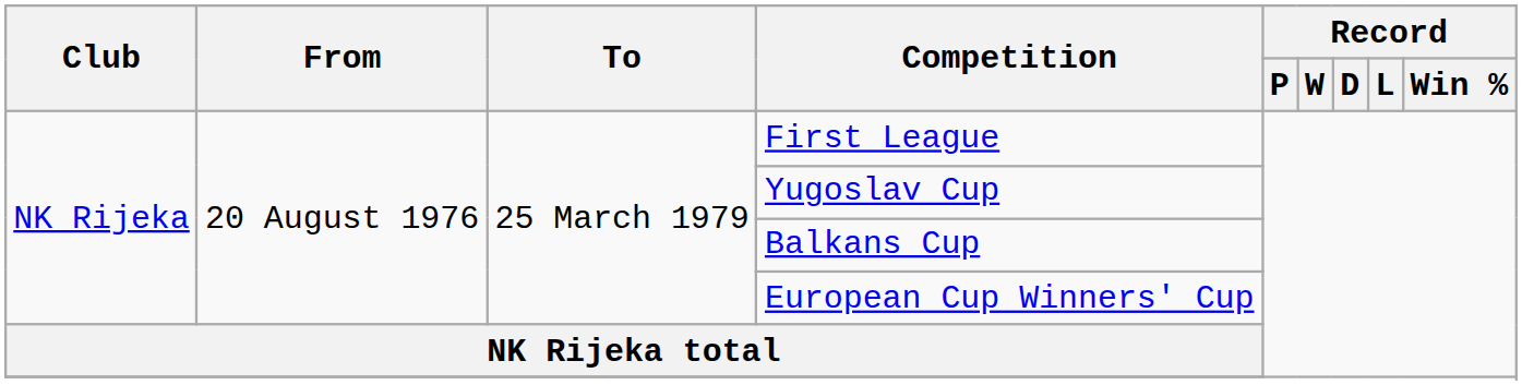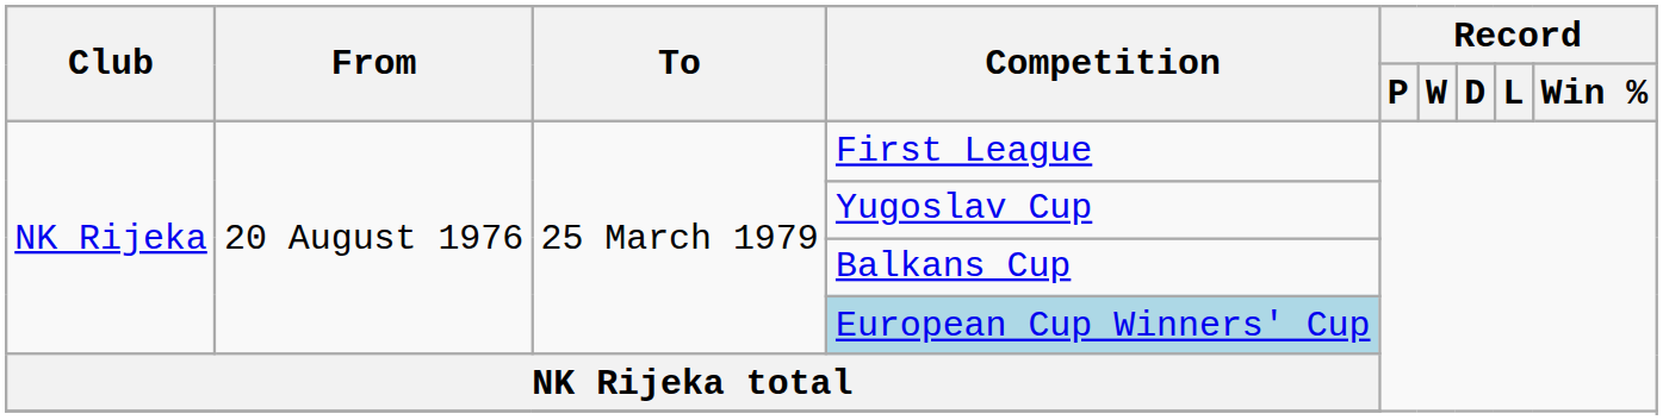 <table class="wikitable" style="text-align:center">
 <tr>
 <th rowspan=2>Club</th>
 <th rowspan=2>From</th>
 <th rowspan=2>To</th>
 <th rowspan=2>Competition</th>
 <th colspan=5>Record</th>
 </tr>
 <tr>
 <th>P</th>
 <th>W</th>
 <th>D</th>
 <th>L</th>
 <th>Win %</th>
 </tr>
 <tr>
 <td rowspan=4 align=left><a href='#'>NK Rijeka</a></td>
 <td rowspan=4 align=left>20 August 1976</td>
 <td rowspan=4 align=left>25 March 1979</td>
 <td align=left><a href='#'>First League</a><br></td>
 </tr>
 <tr>
 <td align=left><a href='#'>Yugoslav Cup</a><br></td>
 </tr>
 <tr>
 <td align=left><a href='#'>Balkans Cup</a><br></td>
 </tr>
 <tr>
-<td align=left><a href='#'>European Cup Winners' Cup</a><br></td>
+<td align=left style="background: lightblue;"><a href='#'>European Cup Winners' Cup</a><br></td>
 </tr>
 <tr>
 <th colspan="4">NK Rijeka total<br></th>
 </tr>
 <tr>
 </tr>
 </table>
